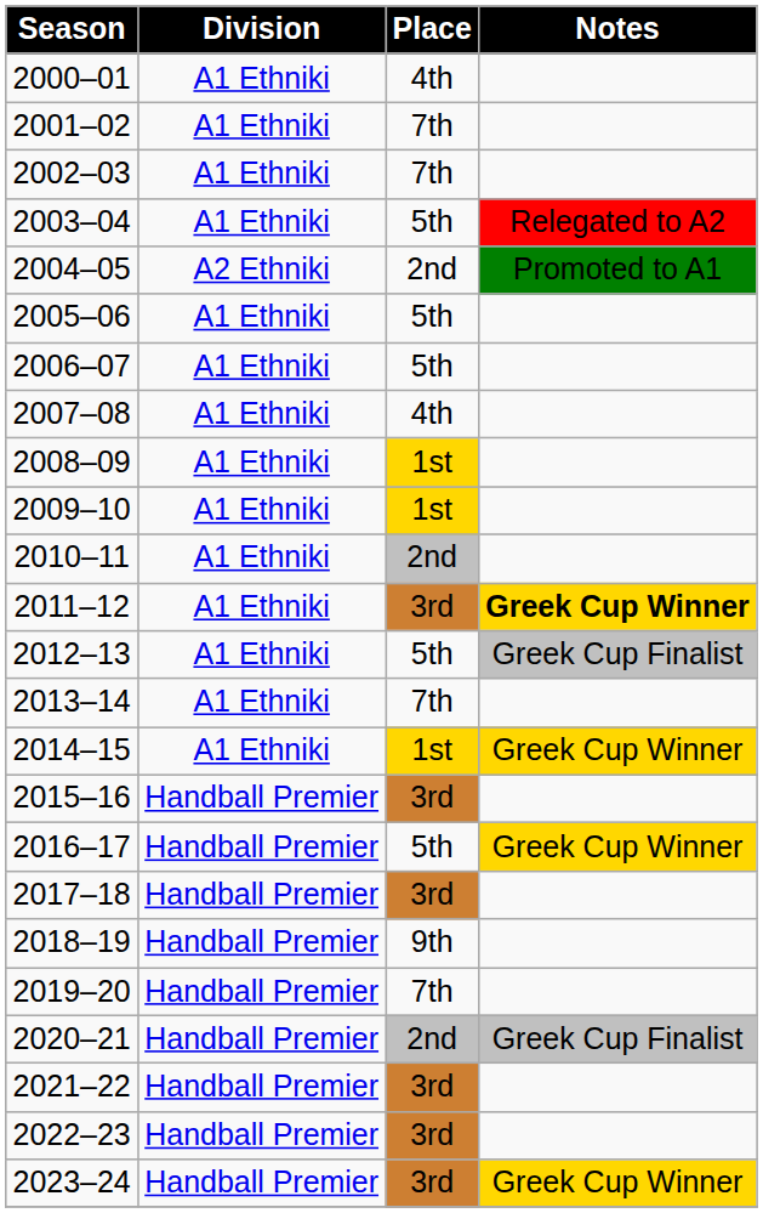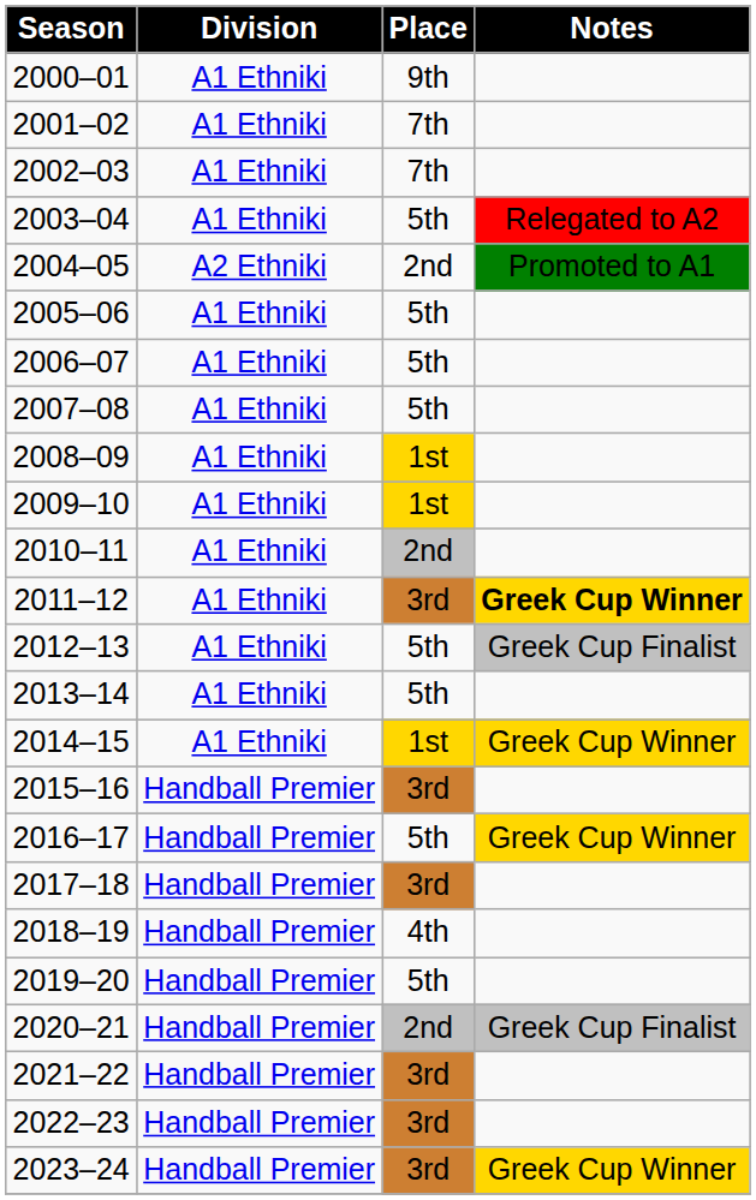 <table class="wikitable" style="text-align:center">
 <tr>
 <th style="color:#FFFFFF; background:black">Season</th>
 <th style="color:#FFFFFF; background:black">Division</th>
 <th style="color:#FFFFFF; background:black">Place</th>
 <th style="color:#FFFFFF; background:black">Notes</th>
 </tr>
 <tr>
 <td>2000–01</td>
 <td><a href='#'>A1 Ethniki</a></td>
-<td>4th</td>
+<td>9th</td>
 <td></td>
 </tr>
 <tr>
 <td>2001–02</td>
 <td><a href='#'>A1 Ethniki</a></td>
 <td>7th</td>
 <td></td>
 </tr>
 <tr>
 <td>2002–03</td>
 <td><a href='#'>A1 Ethniki</a></td>
 <td>7th</td>
 <td></td>
 </tr>
 <tr>
 <td>2003–04</td>
 <td><a href='#'>A1 Ethniki</a></td>
 <td>5th</td>
 <td bgcolor="red">Relegated to A2</td>
 </tr>
 <tr>
 <td>2004–05</td>
 <td><a href='#'>A2 Ethniki</a></td>
 <td>2nd</td>
 <td bgcolor="green">Promoted to A1</td>
 </tr>
 <tr>
 <td>2005–06</td>
 <td><a href='#'>A1 Ethniki</a></td>
 <td>5th</td>
 <td></td>
 </tr>
 <tr>
 <td>2006–07</td>
 <td><a href='#'>A1 Ethniki</a></td>
 <td>5th</td>
 <td></td>
 </tr>
 <tr>
 <td>2007–08</td>
 <td><a href='#'>A1 Ethniki</a></td>
-<td>4th</td>
+<td>5th</td>
 <td></td>
 </tr>
 <tr>
 <td>2008–09</td>
 <td><a href='#'>A1 Ethniki</a></td>
 <td bgcolor="gold">1st</td>
 <td></td>
 </tr>
 <tr>
 <td>2009–10</td>
 <td><a href='#'>A1 Ethniki</a></td>
 <td bgcolor="gold">1st</td>
 <td></td>
 </tr>
 <tr>
 <td>2010–11</td>
 <td><a href='#'>A1 Ethniki</a></td>
 <td bgcolor="silver">2nd</td>
 <td></td>
 </tr>
 <tr>
 <td>2011–12</td>
 <td><a href='#'>A1 Ethniki</a></td>
 <td bgcolor="CD7F32">3rd</td>
 <td bgcolor="gold"><strong>Greek Cup Winner</strong></td>
 </tr>
 <tr>
 <td>2012–13</td>
 <td><a href='#'>A1 Ethniki</a></td>
 <td>5th</td>
 <td bgcolor="silver">Greek Cup Finalist</td>
 </tr>
 <tr>
 <td>2013–14</td>
 <td><a href='#'>A1 Ethniki</a></td>
-<td>7th</td>
+<td>5th</td>
 <td></td>
 </tr>
 <tr>
 <td>2014–15</td>
 <td><a href='#'>A1 Ethniki</a></td>
 <td bgcolor="gold">1st</td>
 <td bgcolor="gold">Greek Cup Winner</td>
 </tr>
 <tr>
 <td>2015–16</td>
 <td><a href='#'>Handball Premier</a></td>
 <td bgcolor="CD7F32">3rd</td>
 <td></td>
 </tr>
 <tr>
 <td>2016–17</td>
 <td><a href='#'>Handball Premier</a></td>
 <td>5th</td>
 <td bgcolor="gold">Greek Cup Winner</td>
 </tr>
 <tr>
 <td>2017–18</td>
 <td><a href='#'>Handball Premier</a></td>
 <td bgcolor="CD7F32">3rd</td>
 <td></td>
 </tr>
 <tr>
 <td>2018–19</td>
 <td><a href='#'>Handball Premier</a></td>
-<td>9th</td>
+<td>4th</td>
 <td></td>
 </tr>
 <tr>
 <td>2019–20</td>
 <td><a href='#'>Handball Premier</a></td>
-<td>7th</td>
+<td>5th</td>
 <td></td>
 </tr>
 <tr>
 <td>2020–21</td>
 <td><a href='#'>Handball Premier</a></td>
 <td bgcolor="silver">2nd</td>
 <td bgcolor="silver">Greek Cup Finalist</td>
 </tr>
 <tr>
 <td>2021–22</td>
 <td><a href='#'>Handball Premier</a></td>
 <td bgcolor="CD7F32">3rd</td>
 <td></td>
 </tr>
 <tr>
 <td>2022–23</td>
 <td><a href='#'>Handball Premier</a></td>
 <td bgcolor="CD7F32">3rd</td>
 <td></td>
 </tr>
 <tr>
 <td>2023–24</td>
 <td><a href='#'>Handball Premier</a></td>
 <td bgcolor="CD7F32">3rd</td>
 <td bgcolor="gold">Greek Cup Winner</td>
 </tr>
 <tr>
 </tr>
 </table>
